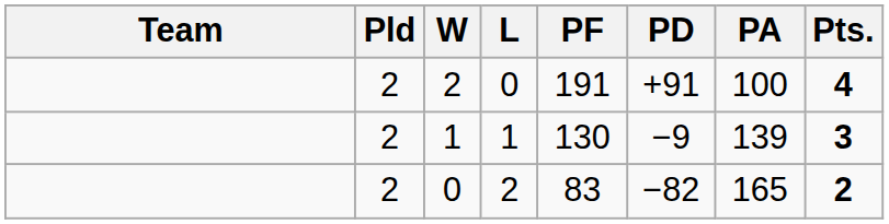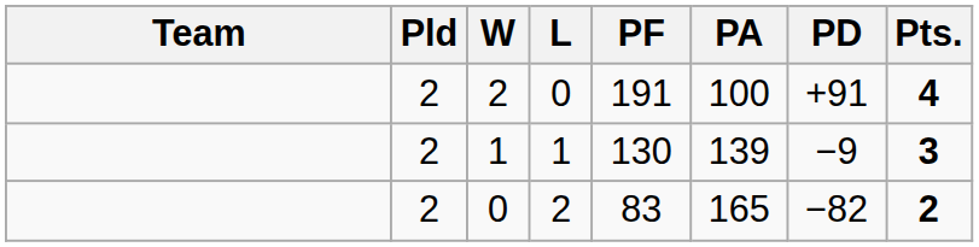 <table class=wikitable style="text-align:center">
 <tr>
 <th width=160>Team</th>
 <th width=20>Pld</th>
 <th width=20>W</th>
 <th width=20>L</th>
 <th width=35>PF</th>
+<th width=35>PA</th>
 <th width=35>PD</th>
-<th width=35>PA</th>
 <th width=30>Pts.</th>
 </tr>
 <tr>
 <td align=left></td>
 <td>2</td>
 <td>2</td>
 <td>0</td>
 <td>191</td>
+<td>100</td>
 <td>+91</td>
-<td>100</td>
 <td><strong>4</strong></td>
 </tr>
 <tr>
 <td align=left></td>
 <td>2</td>
 <td>1</td>
 <td>1</td>
 <td>130</td>
+<td>139</td>
 <td>−9</td>
-<td>139</td>
 <td><strong>3</strong></td>
 </tr>
 <tr>
 <td align=left></td>
 <td>2</td>
 <td>0</td>
 <td>2</td>
 <td>83</td>
+<td>165</td>
 <td>−82</td>
-<td>165</td>
 <td><strong>2</strong></td>
 </tr>
 </table>
